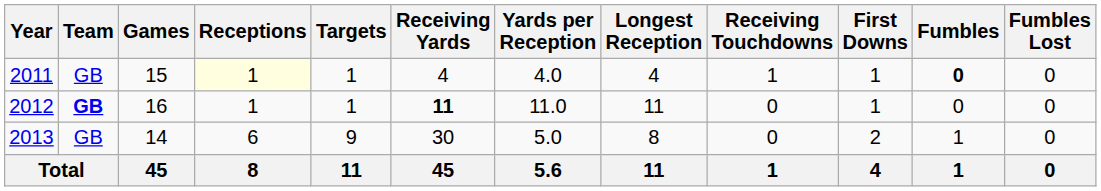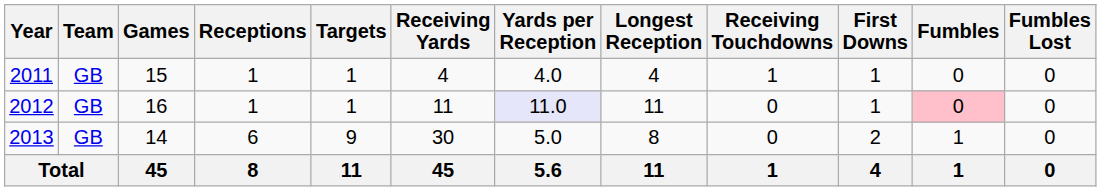 <table class="wikitable" style="text-align:center">
 <tr>
 <th>Year</th>
 <th>Team</th>
 <th>Games</th>
 <th>Receptions</th>
 <th>Targets</th>
 <th>Receiving Yards</th>
 <th>Yards per Reception</th>
 <th>Longest Reception</th>
 <th>Receiving Touchdowns</th>
 <th>First Downs</th>
 <th>Fumbles</th>
 <th>Fumbles Lost</th>
 </tr>
 <tr>
 <td><a href='#'>2011</a></td>
 <td><a href='#'>GB</a></td>
 <td>15</td>
-<td style="background: lightyellow;">1</td>
+<td>1</td>
 <td>1</td>
 <td>4</td>
 <td>4.0</td>
 <td>4</td>
 <td>1</td>
 <td>1</td>
-<td><strong>0</strong></td>
+<td>0</td>
 <td>0</td>
 </tr>
 <tr>
 <td><a href='#'>2012</a></td>
-<td><strong><a href='#'>GB</a></strong></td>
+<td><a href='#'>GB</a></td>
 <td>16</td>
 <td>1</td>
 <td>1</td>
-<td><strong>11</strong></td>
-<td>11.0</td>
+<td>11</td>
+<td style="background: lavender;">11.0</td>
 <td>11</td>
 <td>0</td>
 <td>1</td>
-<td>0</td>
+<td style="background: pink;">0</td>
 <td>0</td>
 </tr>
 <tr>
 <td><a href='#'>2013</a></td>
 <td><a href='#'>GB</a></td>
 <td>14</td>
 <td>6</td>
 <td>9</td>
 <td>30</td>
 <td>5.0</td>
 <td>8</td>
 <td>0</td>
 <td>2</td>
 <td>1</td>
 <td>0</td>
 </tr>
 <tr>
 <th colspan="2">Total</th>
 <th>45</th>
 <th>8</th>
 <th>11</th>
 <th>45</th>
 <th>5.6</th>
 <th>11</th>
 <th>1</th>
 <th>4</th>
 <th>1</th>
 <th>0</th>
 </tr>
 </table>
